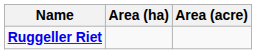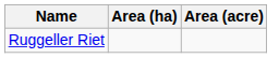 <table class="wikitable">
 <tr>
 <th scope="col" align=left>Name</th>
 <th scope="col">Area (ha)</th>
 <th scope="col">Area (acre)</th>
 </tr>
 <tr ---->
-<td><strong><a href='#'>Ruggeller Riet</a></strong></td>
+<td><a href='#'>Ruggeller Riet</a></td>
 <td></td>
 </tr>
 </table>
